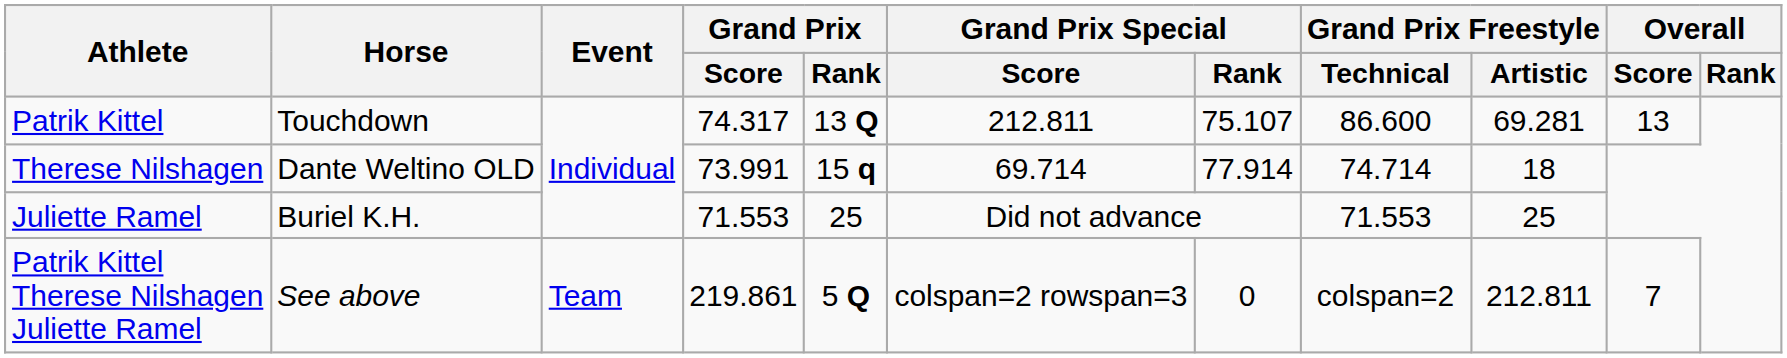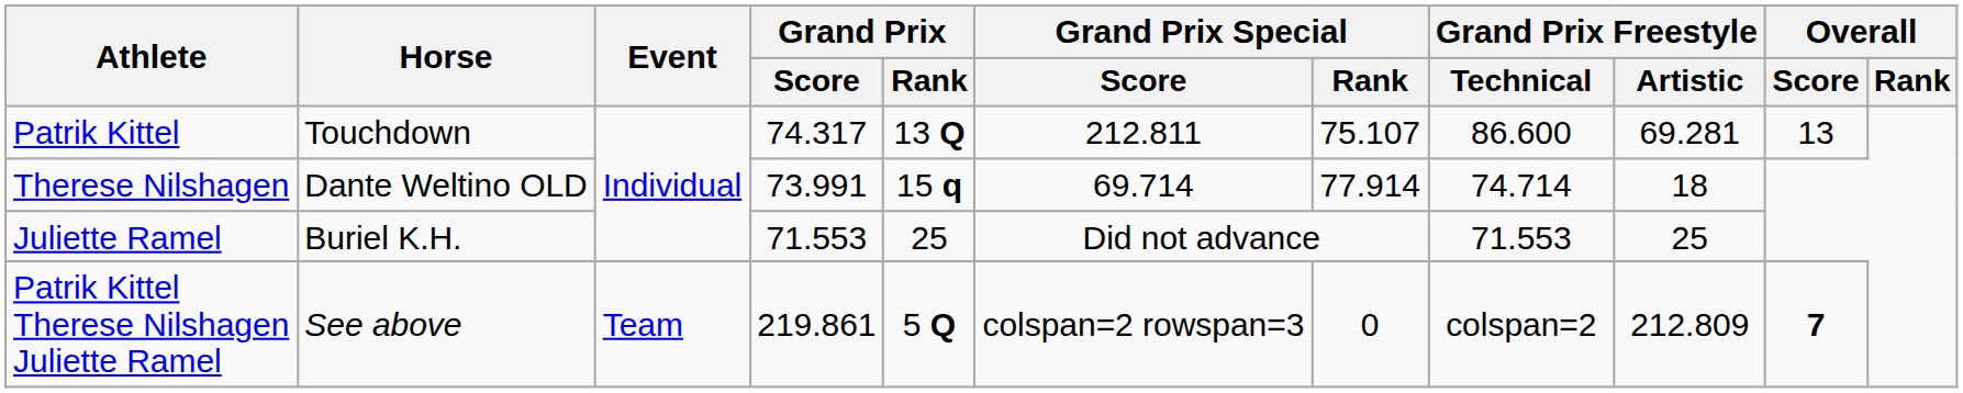 <table class=wikitable style="font-size:90%; text-align:center;">
 <tr>
 <th rowspan=2>Athlete</th>
 <th rowspan=2>Horse</th>
 <th rowspan=2>Event</th>
 <th colspan=2>Grand Prix</th>
 <th colspan=2>Grand Prix Special</th>
 <th colspan=2>Grand Prix Freestyle</th>
 <th colspan=2>Overall</th>
 </tr>
 <tr style=font-size:95%>
 <th>Score</th>
 <th>Rank</th>
 <th>Score</th>
 <th>Rank</th>
 <th>Technical</th>
 <th>Artistic</th>
 <th>Score</th>
 <th>Rank</th>
 </tr>
 <tr>
 <td align=left><a href='#'>Patrik Kittel</a></td>
 <td align=left>Touchdown</td>
 <td rowspan=3 align=left><a href='#'>Individual</a></td>
 <td>74.317</td>
 <td>13 <strong>Q</strong></td>
 <td>212.811</td>
 <td>75.107</td>
 <td>86.600</td>
 <td>69.281</td>
 <td>13</td>
 </tr>
 <tr>
 <td align=left><a href='#'>Therese Nilshagen</a></td>
 <td align=left>Dante Weltino OLD</td>
 <td>73.991</td>
 <td>15 <strong>q</strong></td>
 <td>69.714</td>
 <td>77.914</td>
 <td>74.714</td>
 <td>18</td>
 </tr>
 <tr>
 <td align=left><a href='#'>Juliette Ramel</a></td>
 <td align=left>Buriel K.H.</td>
 <td>71.553</td>
 <td>25</td>
 <td colspan=2>Did not advance</td>
 <td>71.553</td>
 <td>25</td>
 </tr>
 <tr>
 <td align=left><a href='#'>Patrik Kittel</a><br><a href='#'>Therese Nilshagen</a><br><a href='#'>Juliette Ramel</a></td>
 <td align=left><em>See above</em></td>
 <td align=left><a href='#'>Team</a></td>
 <td>219.861</td>
 <td>5 <strong>Q</strong></td>
 <td>colspan=2 rowspan=3 </td>
 <td>0</td>
 <td>colspan=2 </td>
-<td>212.811</td>
-<td>7</td>
+<td>212.809</td>
+<td><strong>7</strong></td>
 </tr>
 </table>
